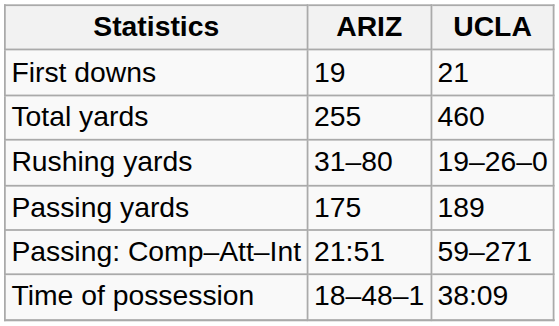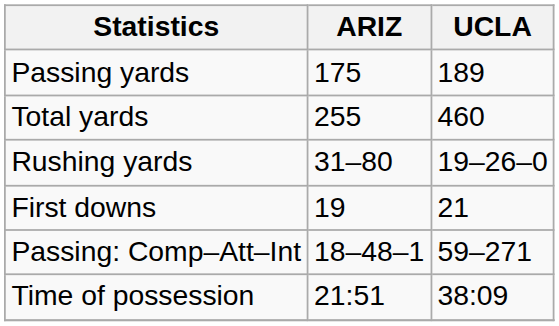 <table class="wikitable" style="float: left;">
 <tr>
 <th>Statistics</th>
 <th>ARIZ</th>
 <th>UCLA</th>
 </tr>
 <tr>
-<td>First downs</td>
-<td>19</td>
-<td>21</td>
+<td>Passing yards</td>
+<td>175</td>
+<td>189</td>
 </tr>
 <tr>
 <td>Total yards</td>
 <td>255</td>
 <td>460</td>
 </tr>
 <tr>
 <td>Rushing yards</td>
 <td>31–80</td>
 <td>19–26–0</td>
 </tr>
 <tr>
-<td>Passing yards</td>
-<td>175</td>
-<td>189</td>
+<td>First downs</td>
+<td>19</td>
+<td>21</td>
 </tr>
 <tr>
 <td>Passing: Comp–Att–Int</td>
-<td>21:51</td>
+<td>18–48–1</td>
 <td>59–271</td>
 </tr>
 <tr>
 <td>Time of possession</td>
-<td>18–48–1</td>
+<td>21:51</td>
 <td>38:09</td>
 </tr>
 <tr>
 </tr>
 </table>
